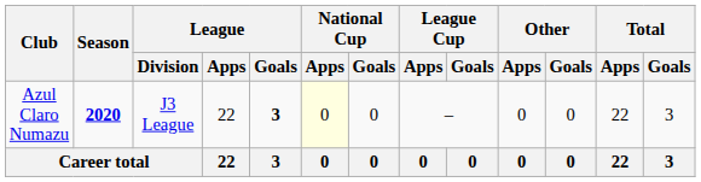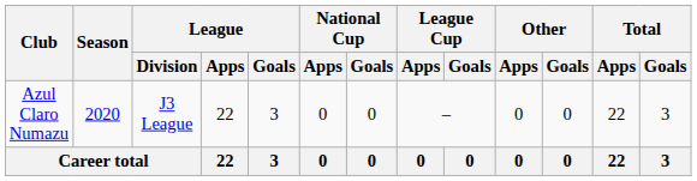 <table class="wikitable" style="text-align: center">
 <tr>
 <th rowspan="2">Club</th>
 <th rowspan="2">Season</th>
 <th colspan="3">League</th>
 <th colspan="2">National Cup</th>
 <th colspan="2">League Cup</th>
 <th colspan="2">Other</th>
 <th colspan="2">Total</th>
 </tr>
 <tr>
 <th>Division</th>
 <th>Apps</th>
 <th>Goals</th>
 <th>Apps</th>
 <th>Goals</th>
 <th>Apps</th>
 <th>Goals</th>
 <th>Apps</th>
 <th>Goals</th>
 <th>Apps</th>
 <th>Goals</th>
 </tr>
 <tr>
 <td><a href='#'>Azul Claro Numazu</a></td>
-<td><strong><a href='#'>2020</a></strong></td>
+<td><a href='#'>2020</a></td>
 <td><a href='#'>J3 League</a></td>
 <td>22</td>
-<td><strong>3</strong></td>
-<td style="background: lightyellow;">0</td>
+<td>3</td>
+<td>0</td>
 <td>0</td>
 <td colspan="2">–</td>
 <td>0</td>
 <td>0</td>
 <td>22</td>
 <td>3</td>
 </tr>
 <tr>
 <th colspan=3>Career total</th>
 <th>22</th>
 <th>3</th>
 <th>0</th>
 <th>0</th>
 <th>0</th>
 <th>0</th>
 <th>0</th>
 <th>0</th>
 <th>22</th>
 <th>3</th>
 </tr>
 </table>
